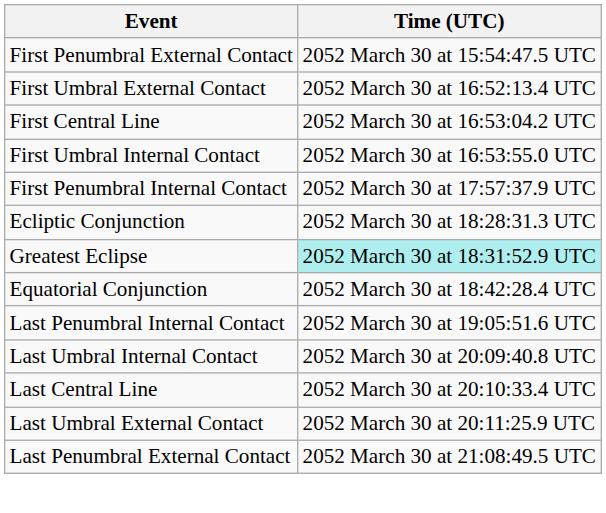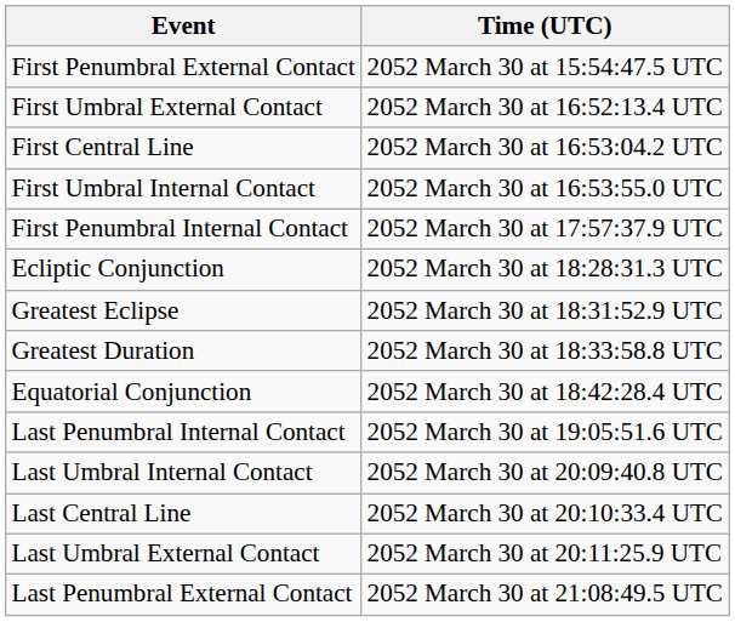 <table class="wikitable">
 <tr>
 <th>Event</th>
 <th>Time (UTC)</th>
 </tr>
 <tr>
 <td>First Penumbral External Contact</td>
 <td>2052 March 30 at 15:54:47.5 UTC</td>
 </tr>
 <tr>
 <td>First Umbral External Contact</td>
 <td>2052 March 30 at 16:52:13.4 UTC</td>
 </tr>
 <tr>
 <td>First Central Line</td>
 <td>2052 March 30 at 16:53:04.2 UTC</td>
 </tr>
 <tr>
 <td>First Umbral Internal Contact</td>
 <td>2052 March 30 at 16:53:55.0 UTC</td>
 </tr>
 <tr>
 <td>First Penumbral Internal Contact</td>
 <td>2052 March 30 at 17:57:37.9 UTC</td>
 </tr>
 <tr>
 <td>Ecliptic Conjunction</td>
 <td>2052 March 30 at 18:28:31.3 UTC</td>
 </tr>
 <tr>
 <td>Greatest Eclipse</td>
-<td style="background: paleturquoise;">2052 March 30 at 18:31:52.9 UTC</td>
+<td>2052 March 30 at 18:31:52.9 UTC</td>
+</tr>
+<tr>
+<td>Greatest Duration</td>
+<td>2052 March 30 at 18:33:58.8 UTC</td>
 </tr>
 <tr>
 <td>Equatorial Conjunction</td>
 <td>2052 March 30 at 18:42:28.4 UTC</td>
 </tr>
 <tr>
 <td>Last Penumbral Internal Contact</td>
 <td>2052 March 30 at 19:05:51.6 UTC</td>
 </tr>
 <tr>
 <td>Last Umbral Internal Contact</td>
 <td>2052 March 30 at 20:09:40.8 UTC</td>
 </tr>
 <tr>
 <td>Last Central Line</td>
 <td>2052 March 30 at 20:10:33.4 UTC</td>
 </tr>
 <tr>
 <td>Last Umbral External Contact</td>
 <td>2052 March 30 at 20:11:25.9 UTC</td>
 </tr>
 <tr>
 <td>Last Penumbral External Contact</td>
 <td>2052 March 30 at 21:08:49.5 UTC</td>
 </tr>
 </table>
